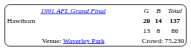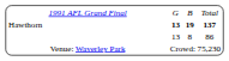 <table style="margin-right:4px; margin-top:8px; float:right; clear:right; border:1px #000 solid; border-radius:8px; background:#fff; font-family:Verdana; font-size:8pt; text-align:center;">
 <tr>
 <td style="width:200px;"><em><a href='#'>1991 AFL Grand Final</a></em></td>
 <td><em>G</em></td>
 <td><em>B</em></td>
 <td><em>Total</em></td>
 </tr>
 <tr>
 <td style="text-align:left">Hawthorn</td>
-<td><strong>20</strong></td>
-<td><strong>14</strong></td>
+<td><strong>13</strong></td>
+<td><strong>19</strong></td>
 <td><strong>137</strong></td>
 </tr>
 <tr>
 <td style="text-align:left"></td>
 <td>13</td>
 <td>8</td>
 <td>86</td>
 </tr>
 <tr>
 <td>Venue: <a href='#'>Waverley Park</a></td>
 <td colspan="3">Crowd: 75,230</td>
 </tr>
 </table>
